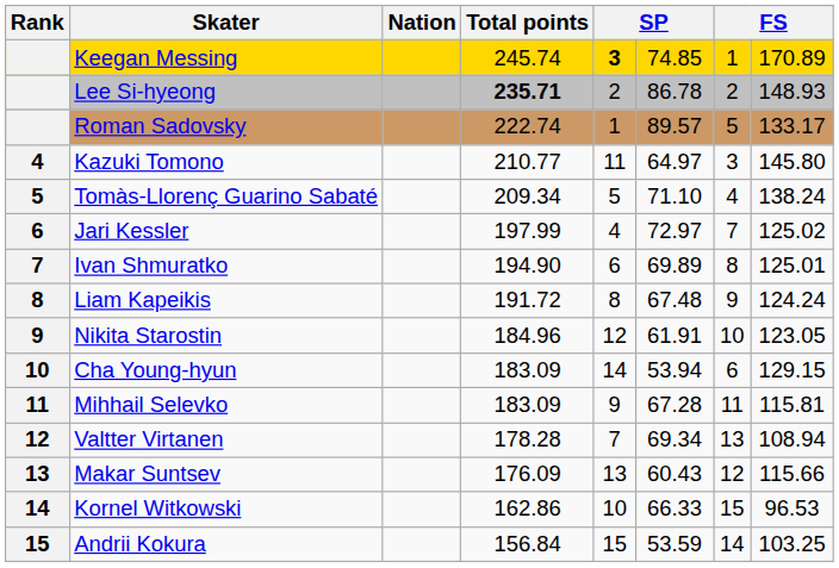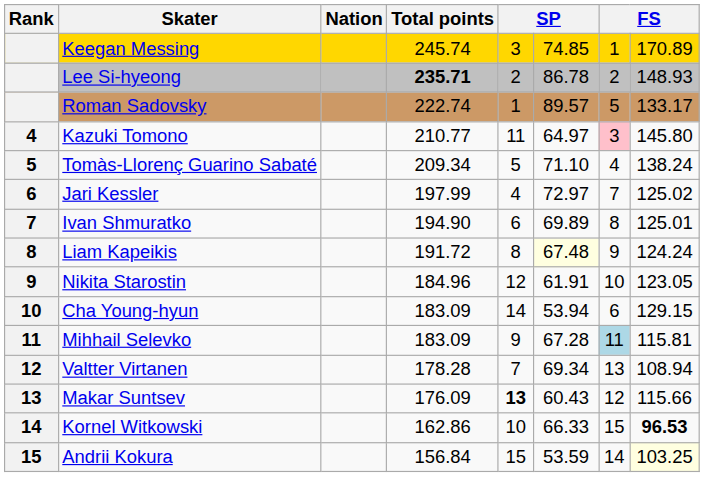 <table class="wikitable sortable" style="text-align:left">
 <tr>
 <th scope="col">Rank</th>
 <th scope="col">Skater</th>
 <th scope="col">Nation</th>
 <th scope="col">Total points</th>
 <th scope="col" colspan="2" width="80px"><a href='#'>SP</a></th>
 <th scope="col" colspan="2" width="80px"><a href='#'>FS</a></th>
 </tr>
 <tr bgcolor="gold">
 <th scope="row"></th>
 <td><a href='#'>Keegan Messing</a></td>
 <td></td>
 <td align="center">245.74</td>
-<td align="center"><strong>3</strong></td>
+<td align="center">3</td>
 <td align="center">74.85</td>
 <td align="center">1</td>
 <td align="center">170.89</td>
 </tr>
 <tr bgcolor="silver">
 <th scope="row"></th>
 <td><a href='#'>Lee Si-hyeong</a></td>
 <td></td>
 <td align="center"><strong>235.71</strong></td>
 <td align="center">2</td>
 <td align="center">86.78</td>
 <td align="center">2</td>
 <td align="center">148.93</td>
 </tr>
 <tr bgcolor="cc9966">
 <th scope="row"></th>
 <td><a href='#'>Roman Sadovsky</a></td>
 <td></td>
 <td align="center">222.74</td>
 <td align="center">1</td>
 <td align="center">89.57</td>
 <td align="center">5</td>
 <td align="center">133.17</td>
 </tr>
 <tr>
 <th scope="row">4</th>
 <td><a href='#'>Kazuki Tomono</a></td>
 <td></td>
 <td align="center">210.77</td>
 <td align="center">11</td>
 <td align="center">64.97</td>
-<td align="center">3</td>
+<td align="center" style="background: pink;">3</td>
 <td align="center">145.80</td>
 </tr>
 <tr>
 <th scope="row">5</th>
 <td><a href='#'>Tomàs-Llorenç Guarino Sabaté</a></td>
 <td></td>
 <td align="center">209.34</td>
 <td align="center">5</td>
 <td align="center">71.10</td>
 <td align="center">4</td>
 <td align="center">138.24</td>
 </tr>
 <tr>
 <th scope="row">6</th>
 <td><a href='#'>Jari Kessler</a></td>
 <td></td>
 <td align="center">197.99</td>
 <td align="center">4</td>
 <td align="center">72.97</td>
 <td align="center">7</td>
 <td align="center">125.02</td>
 </tr>
 <tr>
 <th scope="row">7</th>
 <td><a href='#'>Ivan Shmuratko</a></td>
 <td></td>
 <td align="center">194.90</td>
 <td align="center">6</td>
 <td align="center">69.89</td>
 <td align="center">8</td>
 <td align="center">125.01</td>
 </tr>
 <tr>
 <th scope="row">8</th>
 <td><a href='#'>Liam Kapeikis</a></td>
 <td></td>
 <td align="center">191.72</td>
 <td align="center">8</td>
-<td align="center">67.48</td>
+<td align="center" style="background: lightyellow;">67.48</td>
 <td align="center">9</td>
 <td align="center">124.24</td>
 </tr>
 <tr>
 <th scope="row">9</th>
 <td><a href='#'>Nikita Starostin</a></td>
 <td></td>
 <td align="center">184.96</td>
 <td align="center">12</td>
 <td align="center">61.91</td>
 <td align="center">10</td>
 <td align="center">123.05</td>
 </tr>
 <tr>
 <th scope="row">10</th>
 <td><a href='#'>Cha Young-hyun</a></td>
 <td></td>
 <td align="center">183.09</td>
 <td align="center">14</td>
 <td align="center">53.94</td>
 <td align="center">6</td>
 <td align="center">129.15</td>
 </tr>
 <tr>
 <th scope="row">11</th>
 <td><a href='#'>Mihhail Selevko</a></td>
 <td></td>
 <td align="center">183.09</td>
 <td align="center">9</td>
 <td align="center">67.28</td>
-<td align="center">11</td>
+<td align="center" style="background: lightblue;">11</td>
 <td align="center">115.81</td>
 </tr>
 <tr>
 <th scope="row">12</th>
 <td><a href='#'>Valtter Virtanen</a></td>
 <td></td>
 <td align="center">178.28</td>
 <td align="center">7</td>
 <td align="center">69.34</td>
 <td align="center">13</td>
 <td align="center">108.94</td>
 </tr>
 <tr>
 <th scope="row">13</th>
 <td><a href='#'>Makar Suntsev</a></td>
 <td></td>
 <td align="center">176.09</td>
-<td align="center">13</td>
+<td align="center"><strong>13</strong></td>
 <td align="center">60.43</td>
 <td align="center">12</td>
 <td align="center">115.66</td>
 </tr>
 <tr>
 <th scope="row">14</th>
 <td><a href='#'>Kornel Witkowski</a></td>
 <td></td>
 <td align="center">162.86</td>
 <td align="center">10</td>
 <td align="center">66.33</td>
 <td align="center">15</td>
-<td align="center">96.53</td>
+<td align="center"><strong>96.53</strong></td>
 </tr>
 <tr>
 <th scope="row">15</th>
 <td><a href='#'>Andrii Kokura</a></td>
 <td></td>
 <td align="center">156.84</td>
 <td align="center">15</td>
 <td align="center">53.59</td>
 <td align="center">14</td>
-<td align="center">103.25</td>
+<td align="center" style="background: lightyellow;">103.25</td>
 </tr>
 </table>
